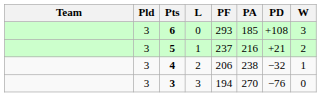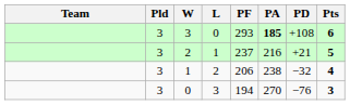 <table class=wikitable style="text-align:center">
 <tr>
 <th width=180>Team</th>
 <th width=30>Pld</th>
-<th width=30>Pts</th>
+<th width=30>W</th>
 <th width=30>L</th>
 <th width=30>PF</th>
 <th width=30>PA</th>
 <th width=30>PD</th>
-<th width=30>W</th>
+<th width=30>Pts</th>
 </tr>
 <tr align=center bgcolor="#ccffcc">
 <td align=left></td>
 <td>3</td>
-<td><strong>6</strong></td>
+<td>3</td>
 <td>0</td>
 <td>293</td>
-<td>185</td>
+<td><strong>185</strong></td>
 <td>+108</td>
-<td>3</td>
+<td><strong>6</strong></td>
 </tr>
 <tr align=center bgcolor="#ccffcc">
 <td align=left></td>
 <td>3</td>
-<td><strong>5</strong></td>
+<td>2</td>
 <td>1</td>
 <td>237</td>
 <td>216</td>
 <td>+21</td>
-<td>2</td>
+<td><strong>5</strong></td>
 </tr>
 <tr align=center>
 <td align=left></td>
 <td>3</td>
-<td><strong>4</strong></td>
+<td>1</td>
 <td>2</td>
 <td>206</td>
 <td>238</td>
 <td>−32</td>
-<td>1</td>
+<td><strong>4</strong></td>
 </tr>
 <tr align=center>
 <td align=left></td>
 <td>3</td>
-<td><strong>3</strong></td>
+<td>0</td>
 <td>3</td>
 <td>194</td>
 <td>270</td>
 <td>−76</td>
-<td>0</td>
+<td><strong>3</strong></td>
 </tr>
 </table>
